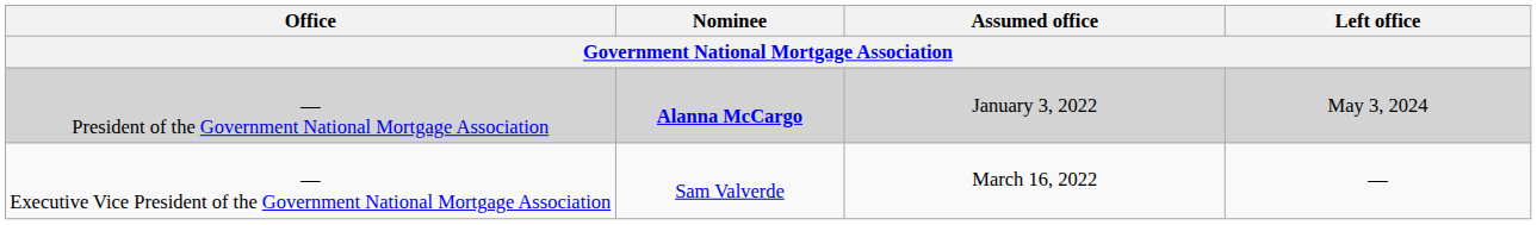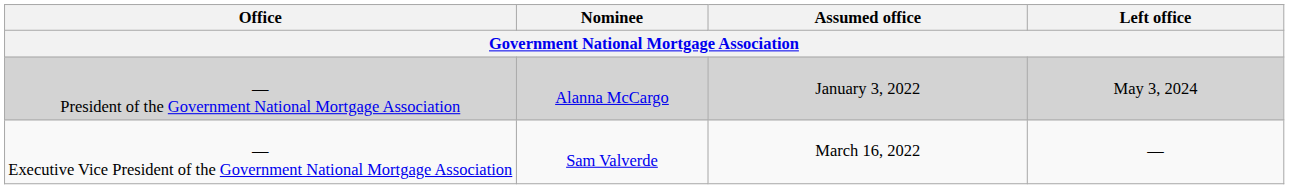 <table class="wikitable sortable" style="text-align:center">
 <tr>
 <th style="width:40%;">Office</th>
 <th style="width:15%;">Nominee</th>
 <th style="width:25%;" data-sort-type="date">Assumed office</th>
 <th style="width:20%;" data-sort-type="date">Left office</th>
 </tr>
 <tr>
 <th colspan=4><a href='#'>Government National Mortgage Association</a></th>
 </tr>
 <tr style="background:lightgray;">
 <td><br>—<br>President of the <a href='#'>Government National Mortgage Association</a></td>
-<td><strong><br><a href='#'>Alanna McCargo</a></strong></td>
+<td><br><a href='#'>Alanna McCargo</a></td>
 <td>January 3, 2022<br></td>
 <td>May 3, 2024</td>
 </tr>
 <tr>
 <td><br>—<br>Executive Vice President of the <a href='#'>Government National Mortgage Association</a></td>
 <td><br><a href='#'>Sam Valverde</a></td>
 <td>March 16, 2022</td>
 <td>—</td>
 </tr>
 </table>
